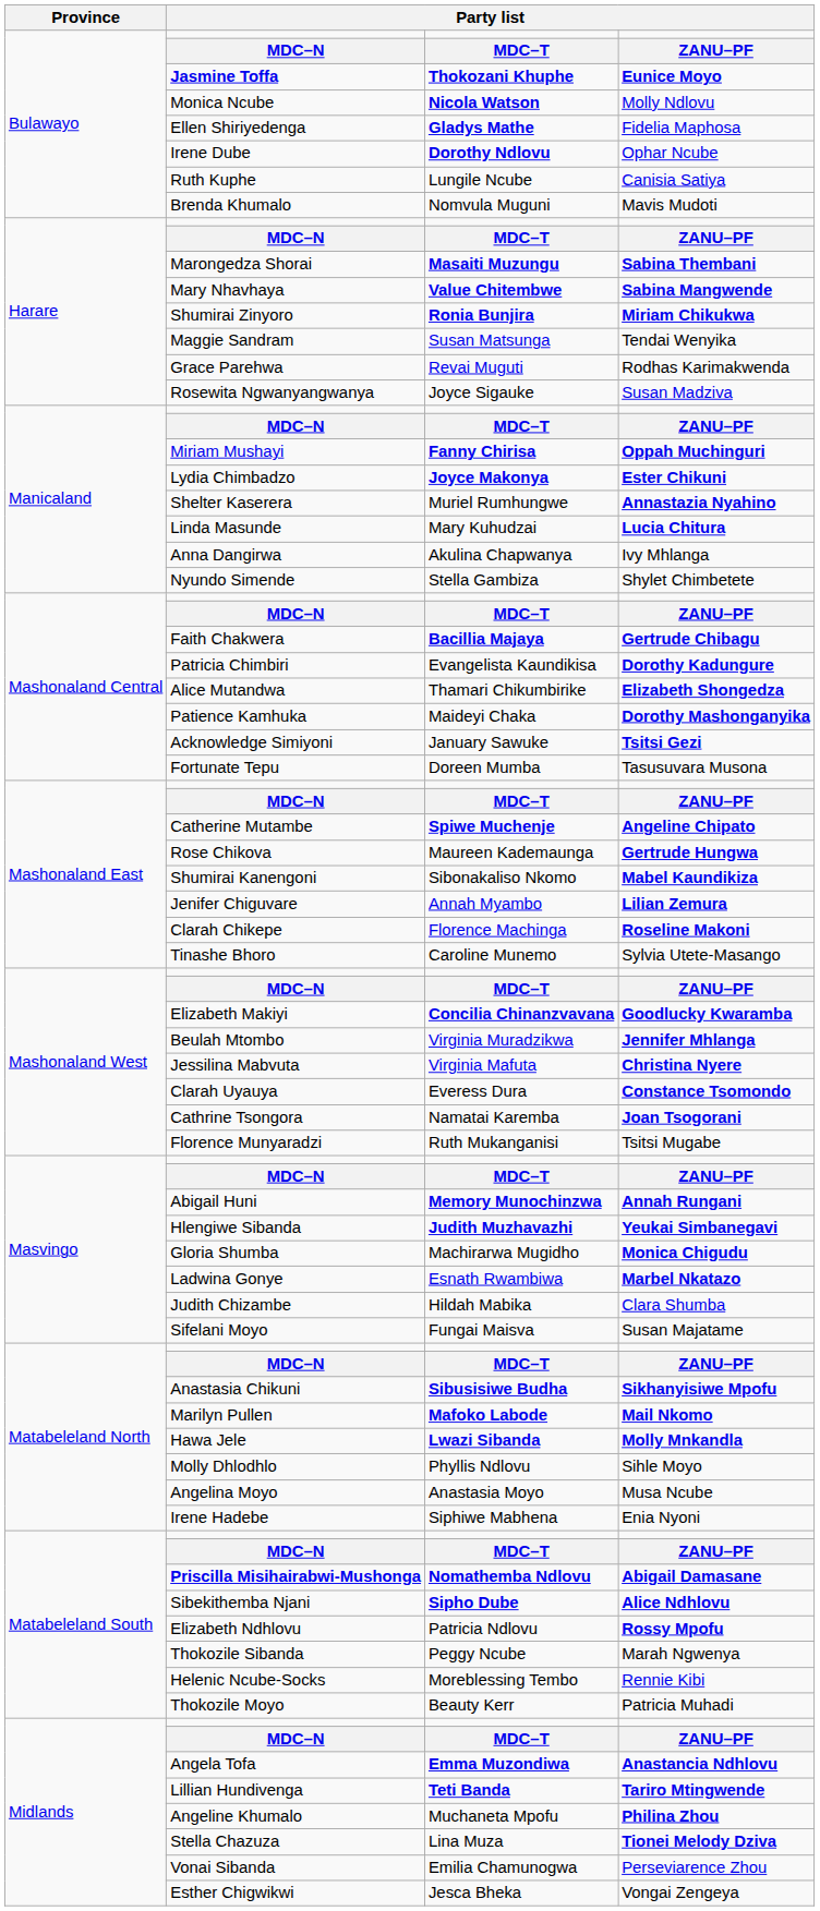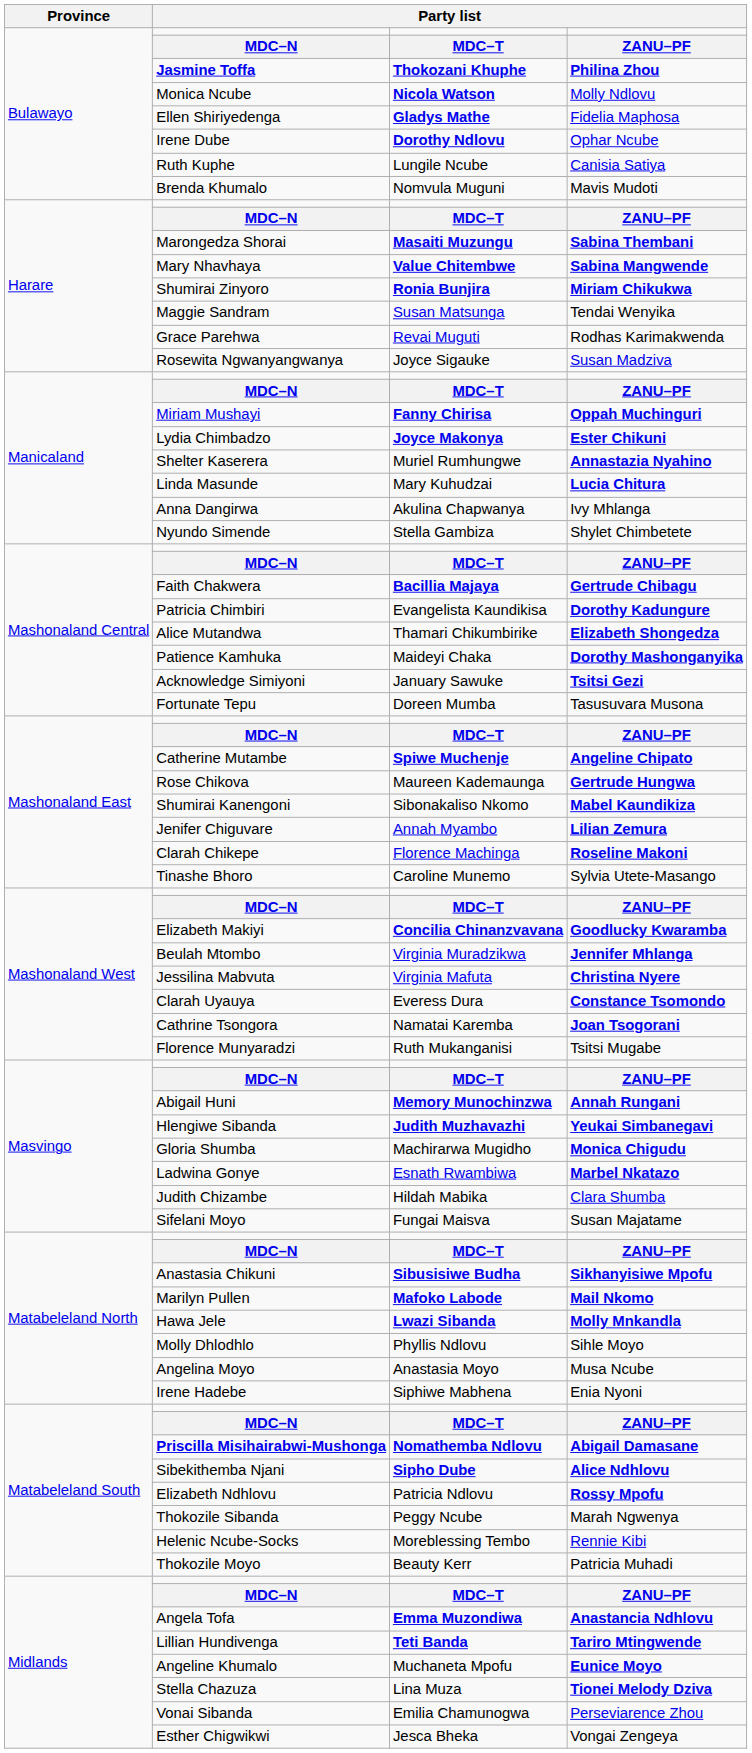 <table class="wikitable">
 <tr>
 <th>Province</th>
 <th colspan="3">Party list</th>
 </tr>
 <tr>
 <td rowspan="8"><a href='#'>Bulawayo</a></td>
 <td style="background-color: "></td>
 <td style="background-color: "></td>
 <td style="background-color: "></td>
 </tr>
 <tr>
 <th><a href='#'>MDC–N</a></th>
 <th><a href='#'>MDC–T</a></th>
 <th><a href='#'>ZANU–PF</a></th>
 </tr>
 <tr>
 <td><strong><a href='#'>Jasmine Toffa</a></strong></td>
 <td><strong><a href='#'>Thokozani Khuphe</a></strong></td>
-<td><strong><a href='#'>Eunice Moyo</a></strong></td>
+<td><strong><a href='#'>Philina Zhou</a></strong></td>
 </tr>
 <tr>
 <td>Monica Ncube</td>
 <td><strong><a href='#'>Nicola Watson</a></strong></td>
 <td><a href='#'>Molly Ndlovu</a></td>
 </tr>
 <tr>
 <td>Ellen Shiriyedenga</td>
 <td><strong><a href='#'>Gladys Mathe</a></strong></td>
 <td><a href='#'>Fidelia Maphosa</a></td>
 </tr>
 <tr>
 <td>Irene Dube</td>
 <td><strong><a href='#'>Dorothy Ndlovu</a></strong></td>
 <td><a href='#'>Ophar Ncube</a></td>
 </tr>
 <tr>
 <td>Ruth Kuphe</td>
 <td>Lungile Ncube</td>
 <td><a href='#'>Canisia Satiya</a></td>
 </tr>
 <tr>
 <td>Brenda Khumalo</td>
 <td>Nomvula Muguni</td>
 <td>Mavis Mudoti</td>
 </tr>
 <tr>
 <td rowspan="8"><a href='#'>Harare</a></td>
 <td style="background-color: "></td>
 <td style="background-color: "></td>
 <td style="background-color: "></td>
 </tr>
 <tr>
 <th><a href='#'>MDC–N</a></th>
 <th><a href='#'>MDC–T</a></th>
 <th><a href='#'>ZANU–PF</a></th>
 </tr>
 <tr>
 <td>Marongedza Shorai</td>
 <td><strong><a href='#'>Masaiti Muzungu</a></strong></td>
 <td><strong><a href='#'>Sabina Thembani</a></strong></td>
 </tr>
 <tr>
 <td>Mary Nhavhaya</td>
 <td><strong><a href='#'>Value Chitembwe</a></strong></td>
 <td><strong><a href='#'>Sabina Mangwende</a></strong></td>
 </tr>
 <tr>
 <td>Shumirai Zinyoro</td>
 <td><strong><a href='#'>Ronia Bunjira</a></strong></td>
 <td><strong><a href='#'>Miriam Chikukwa</a></strong></td>
 </tr>
 <tr>
 <td>Maggie Sandram</td>
 <td><a href='#'>Susan Matsunga</a></td>
 <td>Tendai Wenyika</td>
 </tr>
 <tr>
 <td>Grace Parehwa</td>
 <td><a href='#'>Revai Muguti</a></td>
 <td>Rodhas Karimakwenda</td>
 </tr>
 <tr>
 <td>Rosewita Ngwanyangwanya</td>
 <td>Joyce Sigauke</td>
 <td><a href='#'>Susan Madziva</a></td>
 </tr>
 <tr>
 <td rowspan="8"><a href='#'>Manicaland</a></td>
 <td style="background-color: "></td>
 <td style="background-color: "></td>
 <td style="background-color: "></td>
 </tr>
 <tr>
 <th><a href='#'>MDC–N</a></th>
 <th><a href='#'>MDC–T</a></th>
 <th><a href='#'>ZANU–PF</a></th>
 </tr>
 <tr>
 <td><a href='#'>Miriam Mushayi</a></td>
 <td><strong><a href='#'>Fanny Chirisa</a></strong></td>
 <td><strong><a href='#'>Oppah Muchinguri</a></strong></td>
 </tr>
 <tr>
 <td>Lydia Chimbadzo</td>
 <td><strong><a href='#'>Joyce Makonya</a></strong></td>
 <td><strong><a href='#'>Ester Chikuni</a></strong></td>
 </tr>
 <tr>
 <td>Shelter Kaserera</td>
 <td>Muriel Rumhungwe</td>
 <td><strong><a href='#'>Annastazia Nyahino</a></strong></td>
 </tr>
 <tr>
 <td>Linda Masunde</td>
 <td>Mary Kuhudzai</td>
 <td><strong><a href='#'>Lucia Chitura</a></strong></td>
 </tr>
 <tr>
 <td>Anna Dangirwa</td>
 <td>Akulina Chapwanya</td>
 <td>Ivy Mhlanga</td>
 </tr>
 <tr>
 <td>Nyundo Simende</td>
 <td>Stella Gambiza</td>
 <td>Shylet Chimbetete</td>
 </tr>
 <tr>
 <td rowspan="8"><a href='#'>Mashonaland Central</a></td>
 <td style="background-color: "></td>
 <td style="background-color: "></td>
 <td style="background-color: "></td>
 </tr>
 <tr>
 <th><a href='#'>MDC–N</a></th>
 <th><a href='#'>MDC–T</a></th>
 <th><a href='#'>ZANU–PF</a></th>
 </tr>
 <tr>
 <td>Faith Chakwera</td>
 <td><strong><a href='#'>Bacillia Majaya</a></strong></td>
 <td><strong><a href='#'>Gertrude Chibagu</a></strong></td>
 </tr>
 <tr>
 <td>Patricia Chimbiri</td>
 <td>Evangelista Kaundikisa</td>
 <td><strong><a href='#'>Dorothy Kadungure</a></strong></td>
 </tr>
 <tr>
 <td>Alice Mutandwa</td>
 <td>Thamari Chikumbirike</td>
 <td><strong><a href='#'>Elizabeth Shongedza</a></strong></td>
 </tr>
 <tr>
 <td>Patience Kamhuka</td>
 <td>Maideyi Chaka</td>
 <td><strong><a href='#'>Dorothy Mashonganyika</a></strong></td>
 </tr>
 <tr>
 <td>Acknowledge Simiyoni</td>
 <td>January Sawuke</td>
 <td><strong><a href='#'>Tsitsi Gezi</a></strong></td>
 </tr>
 <tr>
 <td>Fortunate Tepu</td>
 <td>Doreen Mumba</td>
 <td>Tasusuvara Musona</td>
 </tr>
 <tr>
 <td rowspan="8"><a href='#'>Mashonaland East</a></td>
 <td style="background-color: "></td>
 <td style="background-color: "></td>
 <td style="background-color: "></td>
 </tr>
 <tr>
 <th><a href='#'>MDC–N</a></th>
 <th><a href='#'>MDC–T</a></th>
 <th><a href='#'>ZANU–PF</a></th>
 </tr>
 <tr>
 <td>Catherine Mutambe</td>
 <td><strong><a href='#'>Spiwe Muchenje</a></strong></td>
 <td><strong><a href='#'>Angeline Chipato</a></strong></td>
 </tr>
 <tr>
 <td>Rose Chikova</td>
 <td>Maureen Kademaunga</td>
 <td><strong><a href='#'>Gertrude Hungwa</a></strong></td>
 </tr>
 <tr>
 <td>Shumirai Kanengoni</td>
 <td>Sibonakaliso Nkomo</td>
 <td><strong><a href='#'>Mabel Kaundikiza</a></strong></td>
 </tr>
 <tr>
 <td>Jenifer Chiguvare</td>
 <td><a href='#'>Annah Myambo</a></td>
 <td><strong><a href='#'>Lilian Zemura</a></strong></td>
 </tr>
 <tr>
 <td>Clarah Chikepe</td>
 <td><a href='#'>Florence Machinga</a></td>
 <td><strong><a href='#'>Roseline Makoni</a></strong></td>
 </tr>
 <tr>
 <td>Tinashe Bhoro</td>
 <td>Caroline Munemo</td>
 <td>Sylvia Utete-Masango</td>
 </tr>
 <tr>
 <td rowspan="8"><a href='#'>Mashonaland West</a></td>
 <td style="background-color: "></td>
 <td style="background-color: "></td>
 <td style="background-color: "></td>
 </tr>
 <tr>
 <th><a href='#'>MDC–N</a></th>
 <th><a href='#'>MDC–T</a></th>
 <th><a href='#'>ZANU–PF</a></th>
 </tr>
 <tr>
 <td>Elizabeth Makiyi</td>
 <td><strong><a href='#'>Concilia Chinanzvavana</a></strong></td>
 <td><strong><a href='#'>Goodlucky Kwaramba</a></strong></td>
 </tr>
 <tr>
 <td>Beulah Mtombo</td>
 <td><a href='#'>Virginia Muradzikwa</a></td>
 <td><strong><a href='#'>Jennifer Mhlanga</a></strong></td>
 </tr>
 <tr>
 <td>Jessilina Mabvuta</td>
 <td><a href='#'>Virginia Mafuta</a></td>
 <td><strong><a href='#'>Christina Nyere</a></strong></td>
 </tr>
 <tr>
 <td>Clarah Uyauya</td>
 <td>Everess Dura</td>
 <td><strong><a href='#'>Constance Tsomondo</a></strong></td>
 </tr>
 <tr>
 <td>Cathrine Tsongora</td>
 <td>Namatai Karemba</td>
 <td><strong><a href='#'>Joan Tsogorani</a></strong></td>
 </tr>
 <tr>
 <td>Florence Munyaradzi</td>
 <td>Ruth Mukanganisi</td>
 <td>Tsitsi Mugabe</td>
 </tr>
 <tr>
 <td rowspan="8"><a href='#'>Masvingo</a></td>
 <td style="background-color: "></td>
 <td style="background-color: "></td>
 <td style="background-color: "></td>
 </tr>
 <tr>
 <th><a href='#'>MDC–N</a></th>
 <th><a href='#'>MDC–T</a></th>
 <th><a href='#'>ZANU–PF</a></th>
 </tr>
 <tr>
 <td>Abigail Huni</td>
 <td><strong><a href='#'>Memory Munochinzwa</a></strong></td>
 <td><strong><a href='#'>Annah Rungani</a></strong></td>
 </tr>
 <tr>
 <td>Hlengiwe Sibanda</td>
 <td><strong><a href='#'>Judith Muzhavazhi</a></strong></td>
 <td><strong><a href='#'>Yeukai Simbanegavi</a></strong></td>
 </tr>
 <tr>
 <td>Gloria Shumba</td>
 <td>Machirarwa Mugidho</td>
 <td><strong><a href='#'>Monica Chigudu</a></strong></td>
 </tr>
 <tr>
 <td>Ladwina Gonye</td>
 <td><a href='#'>Esnath Rwambiwa</a></td>
 <td><strong><a href='#'>Marbel Nkatazo</a></strong></td>
 </tr>
 <tr>
 <td>Judith Chizambe</td>
 <td>Hildah Mabika</td>
 <td><a href='#'>Clara Shumba</a></td>
 </tr>
 <tr>
 <td>Sifelani Moyo</td>
 <td>Fungai Maisva</td>
 <td>Susan Majatame</td>
 </tr>
 <tr>
 <td rowspan="8"><a href='#'>Matabeleland North</a></td>
 <td style="background-color: "></td>
 <td style="background-color: "></td>
 <td style="background-color: "></td>
 </tr>
 <tr>
 <th><a href='#'>MDC–N</a></th>
 <th><a href='#'>MDC–T</a></th>
 <th><a href='#'>ZANU–PF</a></th>
 </tr>
 <tr>
 <td>Anastasia Chikuni</td>
 <td><strong><a href='#'>Sibusisiwe Budha</a></strong></td>
 <td><strong><a href='#'>Sikhanyisiwe Mpofu</a></strong></td>
 </tr>
 <tr>
 <td>Marilyn Pullen</td>
 <td><strong><a href='#'>Mafoko Labode</a></strong></td>
 <td><strong><a href='#'>Mail Nkomo</a></strong></td>
 </tr>
 <tr>
 <td>Hawa Jele</td>
 <td><strong><a href='#'>Lwazi Sibanda</a></strong></td>
 <td><strong><a href='#'>Molly Mnkandla</a></strong></td>
 </tr>
 <tr>
 <td>Molly Dhlodhlo</td>
 <td>Phyllis Ndlovu</td>
 <td>Sihle Moyo</td>
 </tr>
 <tr>
 <td>Angelina Moyo</td>
 <td>Anastasia Moyo</td>
 <td>Musa Ncube</td>
 </tr>
 <tr>
 <td>Irene Hadebe</td>
 <td>Siphiwe Mabhena</td>
 <td>Enia Nyoni</td>
 </tr>
 <tr>
 <td rowspan="8"><a href='#'>Matabeleland South</a></td>
 <td style="background-color: "></td>
 <td style="background-color: "></td>
 <td style="background-color: "></td>
 </tr>
 <tr>
 <th><a href='#'>MDC–N</a></th>
 <th><a href='#'>MDC–T</a></th>
 <th><a href='#'>ZANU–PF</a></th>
 </tr>
 <tr>
 <td><strong><a href='#'>Priscilla Misihairabwi-Mushonga</a></strong></td>
 <td><strong><a href='#'>Nomathemba Ndlovu</a></strong></td>
 <td><strong><a href='#'>Abigail Damasane</a></strong></td>
 </tr>
 <tr>
 <td>Sibekithemba Njani</td>
 <td><strong><a href='#'>Sipho Dube</a></strong></td>
 <td><strong><a href='#'>Alice Ndhlovu</a></strong></td>
 </tr>
 <tr>
 <td>Elizabeth Ndhlovu</td>
 <td>Patricia Ndlovu</td>
 <td><strong><a href='#'>Rossy Mpofu</a></strong></td>
 </tr>
 <tr>
 <td>Thokozile Sibanda</td>
 <td>Peggy Ncube</td>
 <td>Marah Ngwenya</td>
 </tr>
 <tr>
 <td>Helenic Ncube-Socks</td>
 <td>Moreblessing Tembo</td>
 <td><a href='#'>Rennie Kibi</a></td>
 </tr>
 <tr>
 <td>Thokozile Moyo</td>
 <td>Beauty Kerr</td>
 <td>Patricia Muhadi</td>
 </tr>
 <tr>
 <td rowspan="8"><a href='#'>Midlands</a></td>
 <td style="background-color: "></td>
 <td style="background-color: "></td>
 <td style="background-color: "></td>
 </tr>
 <tr>
 <th><a href='#'>MDC–N</a></th>
 <th><a href='#'>MDC–T</a></th>
 <th><a href='#'>ZANU–PF</a></th>
 </tr>
 <tr>
 <td>Angela Tofa</td>
 <td><strong><a href='#'>Emma Muzondiwa</a></strong></td>
 <td><strong><a href='#'>Anastancia Ndhlovu</a></strong></td>
 </tr>
 <tr>
 <td>Lillian Hundivenga</td>
 <td><strong><a href='#'>Teti Banda</a></strong></td>
 <td><strong><a href='#'>Tariro Mtingwende</a></strong></td>
 </tr>
 <tr>
 <td>Angeline Khumalo</td>
 <td>Muchaneta Mpofu</td>
-<td><strong><a href='#'>Philina Zhou</a></strong></td>
+<td><strong><a href='#'>Eunice Moyo</a></strong></td>
 </tr>
 <tr>
 <td>Stella Chazuza</td>
 <td>Lina Muza</td>
 <td><strong><a href='#'>Tionei Melody Dziva</a></strong></td>
 </tr>
 <tr>
 <td>Vonai Sibanda</td>
 <td>Emilia Chamunogwa</td>
 <td><a href='#'>Perseviarence Zhou</a></td>
 </tr>
 <tr>
 <td>Esther Chigwikwi</td>
 <td>Jesca Bheka</td>
 <td>Vongai Zengeya</td>
 </tr>
 </table>
